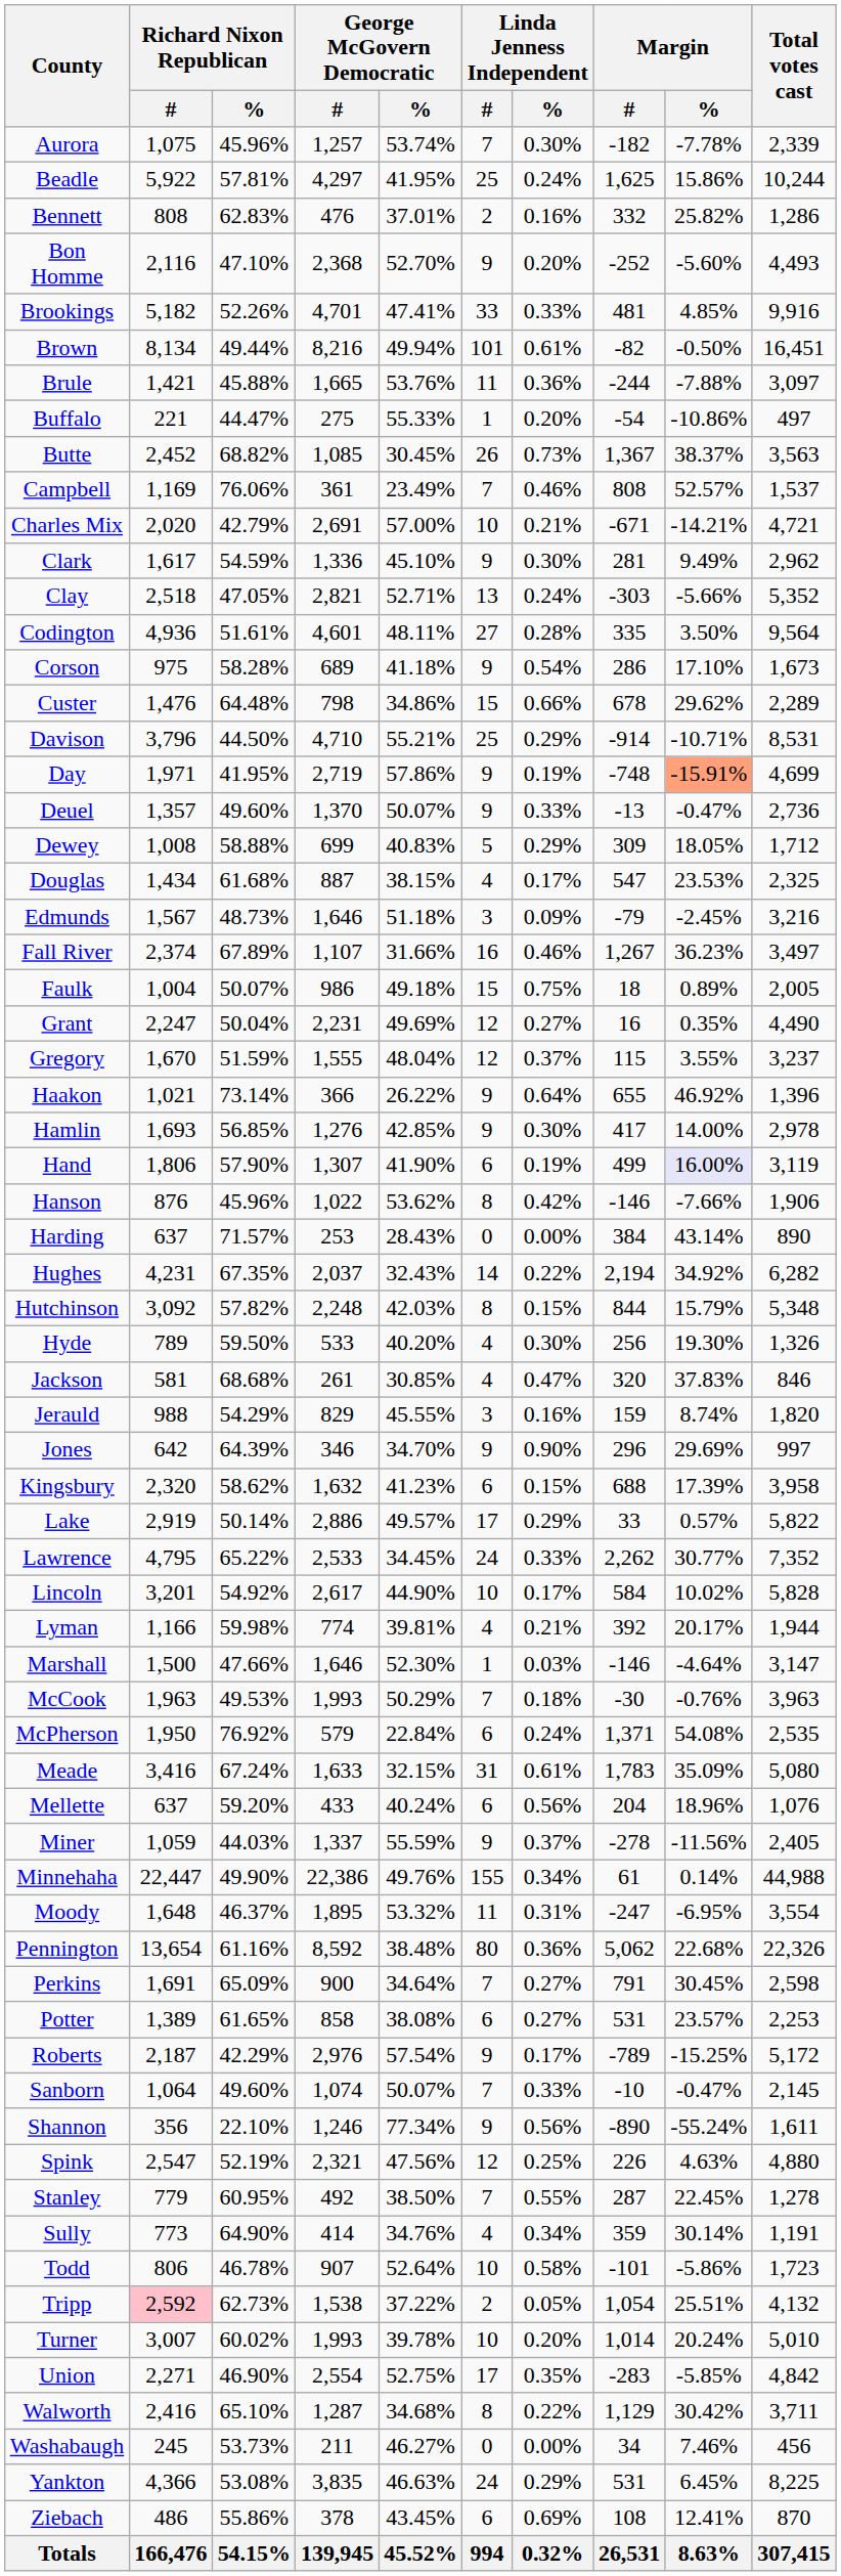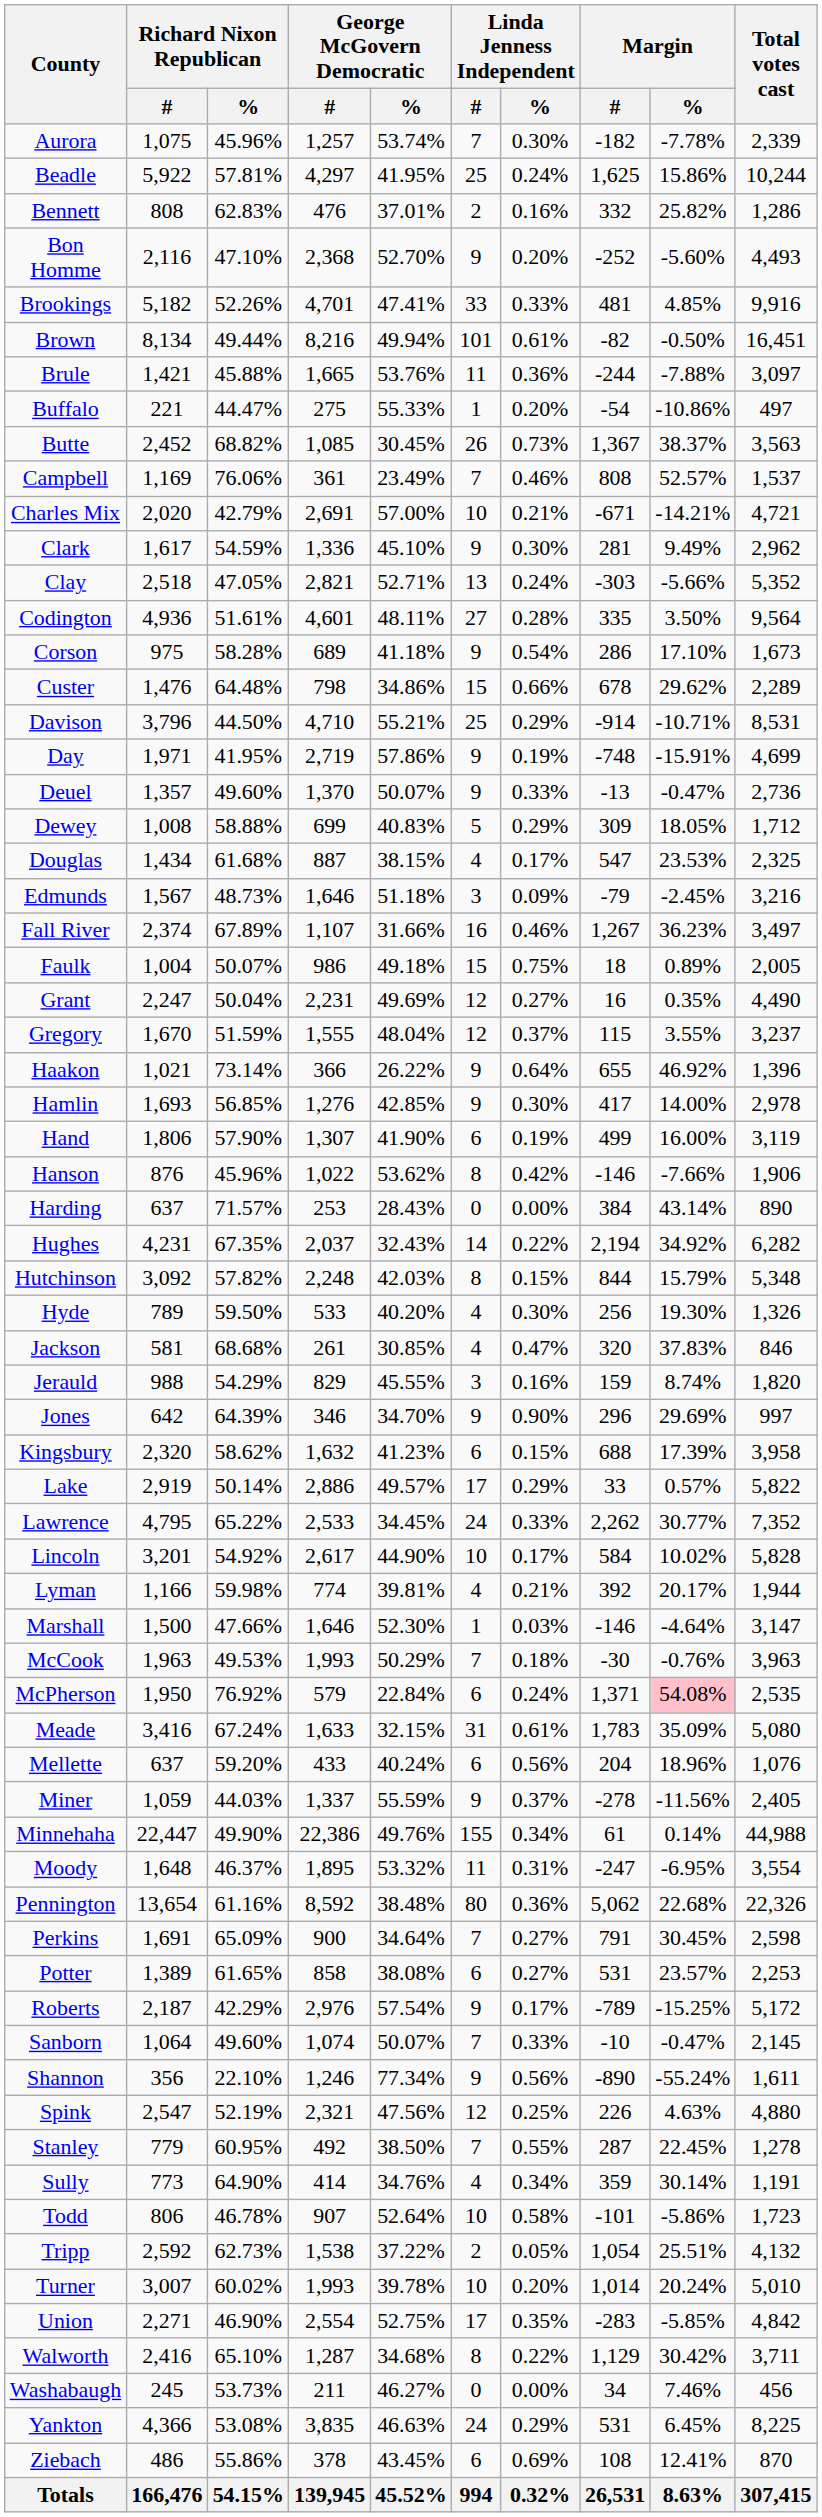 <table class="wikitable sortable" width="60%">
 <tr>
 <th rowspan="2">County</th>
 <th colspan="2">Richard Nixon<br>Republican</th>
 <th colspan="2">George McGovern<br>Democratic</th>
 <th colspan="2">Linda Jenness<br>Independent</th>
 <th colspan="2">Margin</th>
 <th rowspan="2">Total votes cast</th>
 </tr>
 <tr style="text-align:center;">
 <th data-sort-type="number">#</th>
 <th data-sort-type="number">%</th>
 <th data-sort-type="number">#</th>
 <th data-sort-type="number">%</th>
 <th data-sort-type="number">#</th>
 <th data-sort-type="number">%</th>
 <th data-sort-type="number">#</th>
 <th data-sort-type="number">%</th>
 </tr>
 <tr style="text-align:center;">
 <td><a href='#'>Aurora</a></td>
 <td>1,075</td>
 <td>45.96%</td>
 <td>1,257</td>
 <td>53.74%</td>
 <td>7</td>
 <td>0.30%</td>
 <td>-182</td>
 <td>-7.78%</td>
 <td>2,339</td>
 </tr>
 <tr style="text-align:center;">
 <td><a href='#'>Beadle</a></td>
 <td>5,922</td>
 <td>57.81%</td>
 <td>4,297</td>
 <td>41.95%</td>
 <td>25</td>
 <td>0.24%</td>
 <td>1,625</td>
 <td>15.86%</td>
 <td>10,244</td>
 </tr>
 <tr style="text-align:center;">
 <td><a href='#'>Bennett</a></td>
 <td>808</td>
 <td>62.83%</td>
 <td>476</td>
 <td>37.01%</td>
 <td>2</td>
 <td>0.16%</td>
 <td>332</td>
 <td>25.82%</td>
 <td>1,286</td>
 </tr>
 <tr style="text-align:center;">
 <td><a href='#'>Bon Homme</a></td>
 <td>2,116</td>
 <td>47.10%</td>
 <td>2,368</td>
 <td>52.70%</td>
 <td>9</td>
 <td>0.20%</td>
 <td>-252</td>
 <td>-5.60%</td>
 <td>4,493</td>
 </tr>
 <tr style="text-align:center;">
 <td><a href='#'>Brookings</a></td>
 <td>5,182</td>
 <td>52.26%</td>
 <td>4,701</td>
 <td>47.41%</td>
 <td>33</td>
 <td>0.33%</td>
 <td>481</td>
 <td>4.85%</td>
 <td>9,916</td>
 </tr>
 <tr style="text-align:center;">
 <td><a href='#'>Brown</a></td>
 <td>8,134</td>
 <td>49.44%</td>
 <td>8,216</td>
 <td>49.94%</td>
 <td>101</td>
 <td>0.61%</td>
 <td>-82</td>
 <td>-0.50%</td>
 <td>16,451</td>
 </tr>
 <tr style="text-align:center;">
 <td><a href='#'>Brule</a></td>
 <td>1,421</td>
 <td>45.88%</td>
 <td>1,665</td>
 <td>53.76%</td>
 <td>11</td>
 <td>0.36%</td>
 <td>-244</td>
 <td>-7.88%</td>
 <td>3,097</td>
 </tr>
 <tr style="text-align:center;">
 <td><a href='#'>Buffalo</a></td>
 <td>221</td>
 <td>44.47%</td>
 <td>275</td>
 <td>55.33%</td>
 <td>1</td>
 <td>0.20%</td>
 <td>-54</td>
 <td>-10.86%</td>
 <td>497</td>
 </tr>
 <tr style="text-align:center;">
 <td><a href='#'>Butte</a></td>
 <td>2,452</td>
 <td>68.82%</td>
 <td>1,085</td>
 <td>30.45%</td>
 <td>26</td>
 <td>0.73%</td>
 <td>1,367</td>
 <td>38.37%</td>
 <td>3,563</td>
 </tr>
 <tr style="text-align:center;">
 <td><a href='#'>Campbell</a></td>
 <td>1,169</td>
 <td>76.06%</td>
 <td>361</td>
 <td>23.49%</td>
 <td>7</td>
 <td>0.46%</td>
 <td>808</td>
 <td>52.57%</td>
 <td>1,537</td>
 </tr>
 <tr style="text-align:center;">
 <td><a href='#'>Charles Mix</a></td>
 <td>2,020</td>
 <td>42.79%</td>
 <td>2,691</td>
 <td>57.00%</td>
 <td>10</td>
 <td>0.21%</td>
 <td>-671</td>
 <td>-14.21%</td>
 <td>4,721</td>
 </tr>
 <tr style="text-align:center;">
 <td><a href='#'>Clark</a></td>
 <td>1,617</td>
 <td>54.59%</td>
 <td>1,336</td>
 <td>45.10%</td>
 <td>9</td>
 <td>0.30%</td>
 <td>281</td>
 <td>9.49%</td>
 <td>2,962</td>
 </tr>
 <tr style="text-align:center;">
 <td><a href='#'>Clay</a></td>
 <td>2,518</td>
 <td>47.05%</td>
 <td>2,821</td>
 <td>52.71%</td>
 <td>13</td>
 <td>0.24%</td>
 <td>-303</td>
 <td>-5.66%</td>
 <td>5,352</td>
 </tr>
 <tr style="text-align:center;">
 <td><a href='#'>Codington</a></td>
 <td>4,936</td>
 <td>51.61%</td>
 <td>4,601</td>
 <td>48.11%</td>
 <td>27</td>
 <td>0.28%</td>
 <td>335</td>
 <td>3.50%</td>
 <td>9,564</td>
 </tr>
 <tr style="text-align:center;">
 <td><a href='#'>Corson</a></td>
 <td>975</td>
 <td>58.28%</td>
 <td>689</td>
 <td>41.18%</td>
 <td>9</td>
 <td>0.54%</td>
 <td>286</td>
 <td>17.10%</td>
 <td>1,673</td>
 </tr>
 <tr style="text-align:center;">
 <td><a href='#'>Custer</a></td>
 <td>1,476</td>
 <td>64.48%</td>
 <td>798</td>
 <td>34.86%</td>
 <td>15</td>
 <td>0.66%</td>
 <td>678</td>
 <td>29.62%</td>
 <td>2,289</td>
 </tr>
 <tr style="text-align:center;">
 <td><a href='#'>Davison</a></td>
 <td>3,796</td>
 <td>44.50%</td>
 <td>4,710</td>
 <td>55.21%</td>
 <td>25</td>
 <td>0.29%</td>
 <td>-914</td>
 <td>-10.71%</td>
 <td>8,531</td>
 </tr>
 <tr style="text-align:center;">
 <td><a href='#'>Day</a></td>
 <td>1,971</td>
 <td>41.95%</td>
 <td>2,719</td>
 <td>57.86%</td>
 <td>9</td>
 <td>0.19%</td>
 <td>-748</td>
-<td style="background: lightsalmon;">-15.91%</td>
+<td>-15.91%</td>
 <td>4,699</td>
 </tr>
 <tr style="text-align:center;">
 <td><a href='#'>Deuel</a></td>
 <td>1,357</td>
 <td>49.60%</td>
 <td>1,370</td>
 <td>50.07%</td>
 <td>9</td>
 <td>0.33%</td>
 <td>-13</td>
 <td>-0.47%</td>
 <td>2,736</td>
 </tr>
 <tr style="text-align:center;">
 <td><a href='#'>Dewey</a></td>
 <td>1,008</td>
 <td>58.88%</td>
 <td>699</td>
 <td>40.83%</td>
 <td>5</td>
 <td>0.29%</td>
 <td>309</td>
 <td>18.05%</td>
 <td>1,712</td>
 </tr>
 <tr style="text-align:center;">
 <td><a href='#'>Douglas</a></td>
 <td>1,434</td>
 <td>61.68%</td>
 <td>887</td>
 <td>38.15%</td>
 <td>4</td>
 <td>0.17%</td>
 <td>547</td>
 <td>23.53%</td>
 <td>2,325</td>
 </tr>
 <tr style="text-align:center;">
 <td><a href='#'>Edmunds</a></td>
 <td>1,567</td>
 <td>48.73%</td>
 <td>1,646</td>
 <td>51.18%</td>
 <td>3</td>
 <td>0.09%</td>
 <td>-79</td>
 <td>-2.45%</td>
 <td>3,216</td>
 </tr>
 <tr style="text-align:center;">
 <td><a href='#'>Fall River</a></td>
 <td>2,374</td>
 <td>67.89%</td>
 <td>1,107</td>
 <td>31.66%</td>
 <td>16</td>
 <td>0.46%</td>
 <td>1,267</td>
 <td>36.23%</td>
 <td>3,497</td>
 </tr>
 <tr style="text-align:center;">
 <td><a href='#'>Faulk</a></td>
 <td>1,004</td>
 <td>50.07%</td>
 <td>986</td>
 <td>49.18%</td>
 <td>15</td>
 <td>0.75%</td>
 <td>18</td>
 <td>0.89%</td>
 <td>2,005</td>
 </tr>
 <tr style="text-align:center;">
 <td><a href='#'>Grant</a></td>
 <td>2,247</td>
 <td>50.04%</td>
 <td>2,231</td>
 <td>49.69%</td>
 <td>12</td>
 <td>0.27%</td>
 <td>16</td>
 <td>0.35%</td>
 <td>4,490</td>
 </tr>
 <tr style="text-align:center;">
 <td><a href='#'>Gregory</a></td>
 <td>1,670</td>
 <td>51.59%</td>
 <td>1,555</td>
 <td>48.04%</td>
 <td>12</td>
 <td>0.37%</td>
 <td>115</td>
 <td>3.55%</td>
 <td>3,237</td>
 </tr>
 <tr style="text-align:center;">
 <td><a href='#'>Haakon</a></td>
 <td>1,021</td>
 <td>73.14%</td>
 <td>366</td>
 <td>26.22%</td>
 <td>9</td>
 <td>0.64%</td>
 <td>655</td>
 <td>46.92%</td>
 <td>1,396</td>
 </tr>
 <tr style="text-align:center;">
 <td><a href='#'>Hamlin</a></td>
 <td>1,693</td>
 <td>56.85%</td>
 <td>1,276</td>
 <td>42.85%</td>
 <td>9</td>
 <td>0.30%</td>
 <td>417</td>
 <td>14.00%</td>
 <td>2,978</td>
 </tr>
 <tr style="text-align:center;">
 <td><a href='#'>Hand</a></td>
 <td>1,806</td>
 <td>57.90%</td>
 <td>1,307</td>
 <td>41.90%</td>
 <td>6</td>
 <td>0.19%</td>
 <td>499</td>
-<td style="background: lavender;">16.00%</td>
+<td>16.00%</td>
 <td>3,119</td>
 </tr>
 <tr style="text-align:center;">
 <td><a href='#'>Hanson</a></td>
 <td>876</td>
 <td>45.96%</td>
 <td>1,022</td>
 <td>53.62%</td>
 <td>8</td>
 <td>0.42%</td>
 <td>-146</td>
 <td>-7.66%</td>
 <td>1,906</td>
 </tr>
 <tr style="text-align:center;">
 <td><a href='#'>Harding</a></td>
 <td>637</td>
 <td>71.57%</td>
 <td>253</td>
 <td>28.43%</td>
 <td>0</td>
 <td>0.00%</td>
 <td>384</td>
 <td>43.14%</td>
 <td>890</td>
 </tr>
 <tr style="text-align:center;">
 <td><a href='#'>Hughes</a></td>
 <td>4,231</td>
 <td>67.35%</td>
 <td>2,037</td>
 <td>32.43%</td>
 <td>14</td>
 <td>0.22%</td>
 <td>2,194</td>
 <td>34.92%</td>
 <td>6,282</td>
 </tr>
 <tr style="text-align:center;">
 <td><a href='#'>Hutchinson</a></td>
 <td>3,092</td>
 <td>57.82%</td>
 <td>2,248</td>
 <td>42.03%</td>
 <td>8</td>
 <td>0.15%</td>
 <td>844</td>
 <td>15.79%</td>
 <td>5,348</td>
 </tr>
 <tr style="text-align:center;">
 <td><a href='#'>Hyde</a></td>
 <td>789</td>
 <td>59.50%</td>
 <td>533</td>
 <td>40.20%</td>
 <td>4</td>
 <td>0.30%</td>
 <td>256</td>
 <td>19.30%</td>
 <td>1,326</td>
 </tr>
 <tr style="text-align:center;">
 <td><a href='#'>Jackson</a></td>
 <td>581</td>
 <td>68.68%</td>
 <td>261</td>
 <td>30.85%</td>
 <td>4</td>
 <td>0.47%</td>
 <td>320</td>
 <td>37.83%</td>
 <td>846</td>
 </tr>
 <tr style="text-align:center;">
 <td><a href='#'>Jerauld</a></td>
 <td>988</td>
 <td>54.29%</td>
 <td>829</td>
 <td>45.55%</td>
 <td>3</td>
 <td>0.16%</td>
 <td>159</td>
 <td>8.74%</td>
 <td>1,820</td>
 </tr>
 <tr style="text-align:center;">
 <td><a href='#'>Jones</a></td>
 <td>642</td>
 <td>64.39%</td>
 <td>346</td>
 <td>34.70%</td>
 <td>9</td>
 <td>0.90%</td>
 <td>296</td>
 <td>29.69%</td>
 <td>997</td>
 </tr>
 <tr style="text-align:center;">
 <td><a href='#'>Kingsbury</a></td>
 <td>2,320</td>
 <td>58.62%</td>
 <td>1,632</td>
 <td>41.23%</td>
 <td>6</td>
 <td>0.15%</td>
 <td>688</td>
 <td>17.39%</td>
 <td>3,958</td>
 </tr>
 <tr style="text-align:center;">
 <td><a href='#'>Lake</a></td>
 <td>2,919</td>
 <td>50.14%</td>
 <td>2,886</td>
 <td>49.57%</td>
 <td>17</td>
 <td>0.29%</td>
 <td>33</td>
 <td>0.57%</td>
 <td>5,822</td>
 </tr>
 <tr style="text-align:center;">
 <td><a href='#'>Lawrence</a></td>
 <td>4,795</td>
 <td>65.22%</td>
 <td>2,533</td>
 <td>34.45%</td>
 <td>24</td>
 <td>0.33%</td>
 <td>2,262</td>
 <td>30.77%</td>
 <td>7,352</td>
 </tr>
 <tr style="text-align:center;">
 <td><a href='#'>Lincoln</a></td>
 <td>3,201</td>
 <td>54.92%</td>
 <td>2,617</td>
 <td>44.90%</td>
 <td>10</td>
 <td>0.17%</td>
 <td>584</td>
 <td>10.02%</td>
 <td>5,828</td>
 </tr>
 <tr style="text-align:center;">
 <td><a href='#'>Lyman</a></td>
 <td>1,166</td>
 <td>59.98%</td>
 <td>774</td>
 <td>39.81%</td>
 <td>4</td>
 <td>0.21%</td>
 <td>392</td>
 <td>20.17%</td>
 <td>1,944</td>
 </tr>
 <tr style="text-align:center;">
 <td><a href='#'>Marshall</a></td>
 <td>1,500</td>
 <td>47.66%</td>
 <td>1,646</td>
 <td>52.30%</td>
 <td>1</td>
 <td>0.03%</td>
 <td>-146</td>
 <td>-4.64%</td>
 <td>3,147</td>
 </tr>
 <tr style="text-align:center;">
 <td><a href='#'>McCook</a></td>
 <td>1,963</td>
 <td>49.53%</td>
 <td>1,993</td>
 <td>50.29%</td>
 <td>7</td>
 <td>0.18%</td>
 <td>-30</td>
 <td>-0.76%</td>
 <td>3,963</td>
 </tr>
 <tr style="text-align:center;">
 <td><a href='#'>McPherson</a></td>
 <td>1,950</td>
 <td>76.92%</td>
 <td>579</td>
 <td>22.84%</td>
 <td>6</td>
 <td>0.24%</td>
 <td>1,371</td>
-<td>54.08%</td>
+<td style="background: pink;">54.08%</td>
 <td>2,535</td>
 </tr>
 <tr style="text-align:center;">
 <td><a href='#'>Meade</a></td>
 <td>3,416</td>
 <td>67.24%</td>
 <td>1,633</td>
 <td>32.15%</td>
 <td>31</td>
 <td>0.61%</td>
 <td>1,783</td>
 <td>35.09%</td>
 <td>5,080</td>
 </tr>
 <tr style="text-align:center;">
 <td><a href='#'>Mellette</a></td>
 <td>637</td>
 <td>59.20%</td>
 <td>433</td>
 <td>40.24%</td>
 <td>6</td>
 <td>0.56%</td>
 <td>204</td>
 <td>18.96%</td>
 <td>1,076</td>
 </tr>
 <tr style="text-align:center;">
 <td><a href='#'>Miner</a></td>
 <td>1,059</td>
 <td>44.03%</td>
 <td>1,337</td>
 <td>55.59%</td>
 <td>9</td>
 <td>0.37%</td>
 <td>-278</td>
 <td>-11.56%</td>
 <td>2,405</td>
 </tr>
 <tr style="text-align:center;">
 <td><a href='#'>Minnehaha</a></td>
 <td>22,447</td>
 <td>49.90%</td>
 <td>22,386</td>
 <td>49.76%</td>
 <td>155</td>
 <td>0.34%</td>
 <td>61</td>
 <td>0.14%</td>
 <td>44,988</td>
 </tr>
 <tr style="text-align:center;">
 <td><a href='#'>Moody</a></td>
 <td>1,648</td>
 <td>46.37%</td>
 <td>1,895</td>
 <td>53.32%</td>
 <td>11</td>
 <td>0.31%</td>
 <td>-247</td>
 <td>-6.95%</td>
 <td>3,554</td>
 </tr>
 <tr style="text-align:center;">
 <td><a href='#'>Pennington</a></td>
 <td>13,654</td>
 <td>61.16%</td>
 <td>8,592</td>
 <td>38.48%</td>
 <td>80</td>
 <td>0.36%</td>
 <td>5,062</td>
 <td>22.68%</td>
 <td>22,326</td>
 </tr>
 <tr style="text-align:center;">
 <td><a href='#'>Perkins</a></td>
 <td>1,691</td>
 <td>65.09%</td>
 <td>900</td>
 <td>34.64%</td>
 <td>7</td>
 <td>0.27%</td>
 <td>791</td>
 <td>30.45%</td>
 <td>2,598</td>
 </tr>
 <tr style="text-align:center;">
 <td><a href='#'>Potter</a></td>
 <td>1,389</td>
 <td>61.65%</td>
 <td>858</td>
 <td>38.08%</td>
 <td>6</td>
 <td>0.27%</td>
 <td>531</td>
 <td>23.57%</td>
 <td>2,253</td>
 </tr>
 <tr style="text-align:center;">
 <td><a href='#'>Roberts</a></td>
 <td>2,187</td>
 <td>42.29%</td>
 <td>2,976</td>
 <td>57.54%</td>
 <td>9</td>
 <td>0.17%</td>
 <td>-789</td>
 <td>-15.25%</td>
 <td>5,172</td>
 </tr>
 <tr style="text-align:center;">
 <td><a href='#'>Sanborn</a></td>
 <td>1,064</td>
 <td>49.60%</td>
 <td>1,074</td>
 <td>50.07%</td>
 <td>7</td>
 <td>0.33%</td>
 <td>-10</td>
 <td>-0.47%</td>
 <td>2,145</td>
 </tr>
 <tr style="text-align:center;">
 <td><a href='#'>Shannon</a></td>
 <td>356</td>
 <td>22.10%</td>
 <td>1,246</td>
 <td>77.34%</td>
 <td>9</td>
 <td>0.56%</td>
 <td>-890</td>
 <td>-55.24%</td>
 <td>1,611</td>
 </tr>
 <tr style="text-align:center;">
 <td><a href='#'>Spink</a></td>
 <td>2,547</td>
 <td>52.19%</td>
 <td>2,321</td>
 <td>47.56%</td>
 <td>12</td>
 <td>0.25%</td>
 <td>226</td>
 <td>4.63%</td>
 <td>4,880</td>
 </tr>
 <tr style="text-align:center;">
 <td><a href='#'>Stanley</a></td>
 <td>779</td>
 <td>60.95%</td>
 <td>492</td>
 <td>38.50%</td>
 <td>7</td>
 <td>0.55%</td>
 <td>287</td>
 <td>22.45%</td>
 <td>1,278</td>
 </tr>
 <tr style="text-align:center;">
 <td><a href='#'>Sully</a></td>
 <td>773</td>
 <td>64.90%</td>
 <td>414</td>
 <td>34.76%</td>
 <td>4</td>
 <td>0.34%</td>
 <td>359</td>
 <td>30.14%</td>
 <td>1,191</td>
 </tr>
 <tr style="text-align:center;">
 <td><a href='#'>Todd</a></td>
 <td>806</td>
 <td>46.78%</td>
 <td>907</td>
 <td>52.64%</td>
 <td>10</td>
 <td>0.58%</td>
 <td>-101</td>
 <td>-5.86%</td>
 <td>1,723</td>
 </tr>
 <tr style="text-align:center;">
 <td><a href='#'>Tripp</a></td>
-<td style="background: pink;">2,592</td>
+<td>2,592</td>
 <td>62.73%</td>
 <td>1,538</td>
 <td>37.22%</td>
 <td>2</td>
 <td>0.05%</td>
 <td>1,054</td>
 <td>25.51%</td>
 <td>4,132</td>
 </tr>
 <tr style="text-align:center;">
 <td><a href='#'>Turner</a></td>
 <td>3,007</td>
 <td>60.02%</td>
 <td>1,993</td>
 <td>39.78%</td>
 <td>10</td>
 <td>0.20%</td>
 <td>1,014</td>
 <td>20.24%</td>
 <td>5,010</td>
 </tr>
 <tr style="text-align:center;">
 <td><a href='#'>Union</a></td>
 <td>2,271</td>
 <td>46.90%</td>
 <td>2,554</td>
 <td>52.75%</td>
 <td>17</td>
 <td>0.35%</td>
 <td>-283</td>
 <td>-5.85%</td>
 <td>4,842</td>
 </tr>
 <tr style="text-align:center;">
 <td><a href='#'>Walworth</a></td>
 <td>2,416</td>
 <td>65.10%</td>
 <td>1,287</td>
 <td>34.68%</td>
 <td>8</td>
 <td>0.22%</td>
 <td>1,129</td>
 <td>30.42%</td>
 <td>3,711</td>
 </tr>
 <tr style="text-align:center;">
 <td><a href='#'>Washabaugh</a></td>
 <td>245</td>
 <td>53.73%</td>
 <td>211</td>
 <td>46.27%</td>
 <td>0</td>
 <td>0.00%</td>
 <td>34</td>
 <td>7.46%</td>
 <td>456</td>
 </tr>
 <tr style="text-align:center;">
 <td><a href='#'>Yankton</a></td>
 <td>4,366</td>
 <td>53.08%</td>
 <td>3,835</td>
 <td>46.63%</td>
 <td>24</td>
 <td>0.29%</td>
 <td>531</td>
 <td>6.45%</td>
 <td>8,225</td>
 </tr>
 <tr style="text-align:center;">
 <td><a href='#'>Ziebach</a></td>
 <td>486</td>
 <td>55.86%</td>
 <td>378</td>
 <td>43.45%</td>
 <td>6</td>
 <td>0.69%</td>
 <td>108</td>
 <td>12.41%</td>
 <td>870</td>
 </tr>
 <tr style="text-align:center;">
 <th>Totals</th>
 <th>166,476</th>
 <th>54.15%</th>
 <th>139,945</th>
 <th>45.52%</th>
 <th>994</th>
 <th>0.32%</th>
 <th>26,531</th>
 <th>8.63%</th>
 <th>307,415</th>
 </tr>
 </table>
